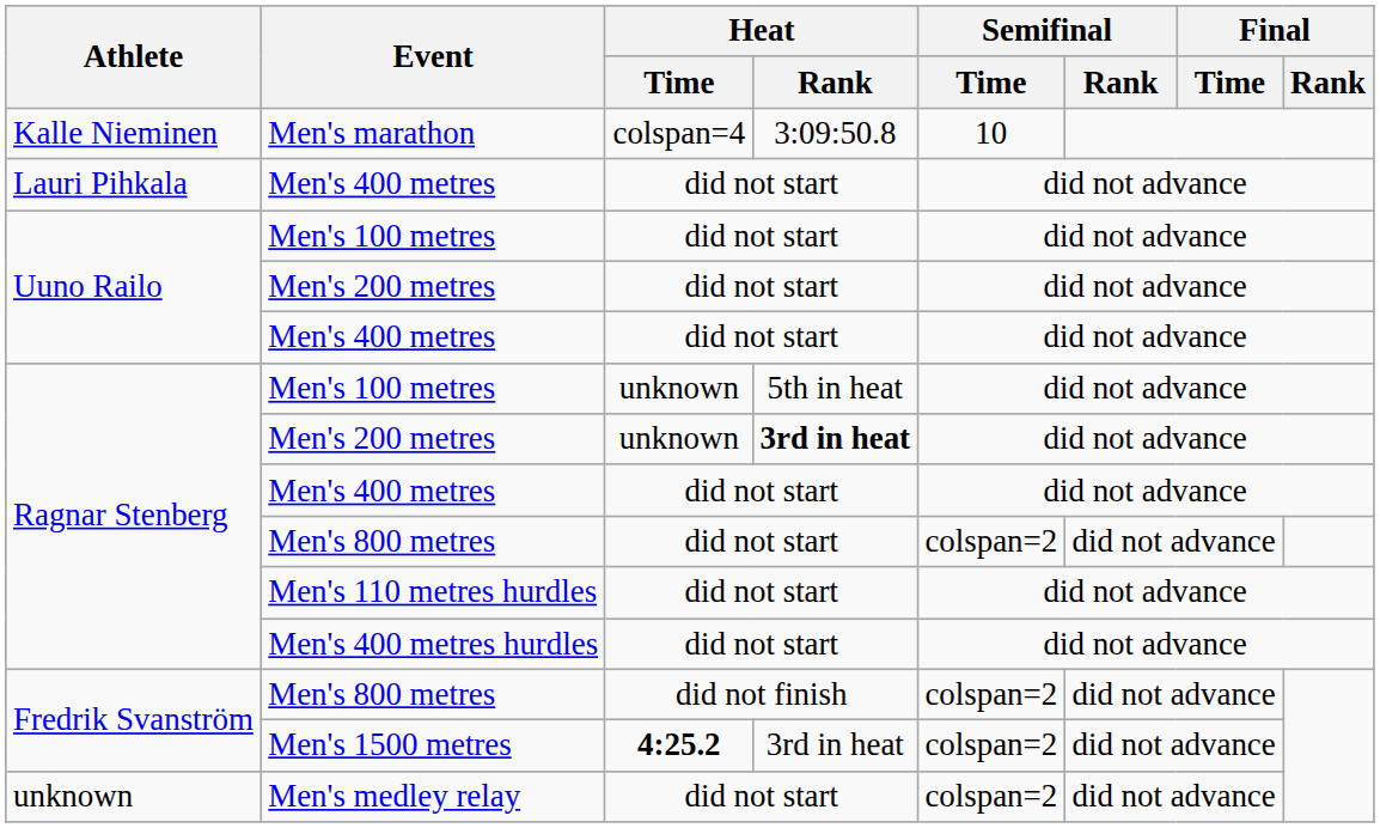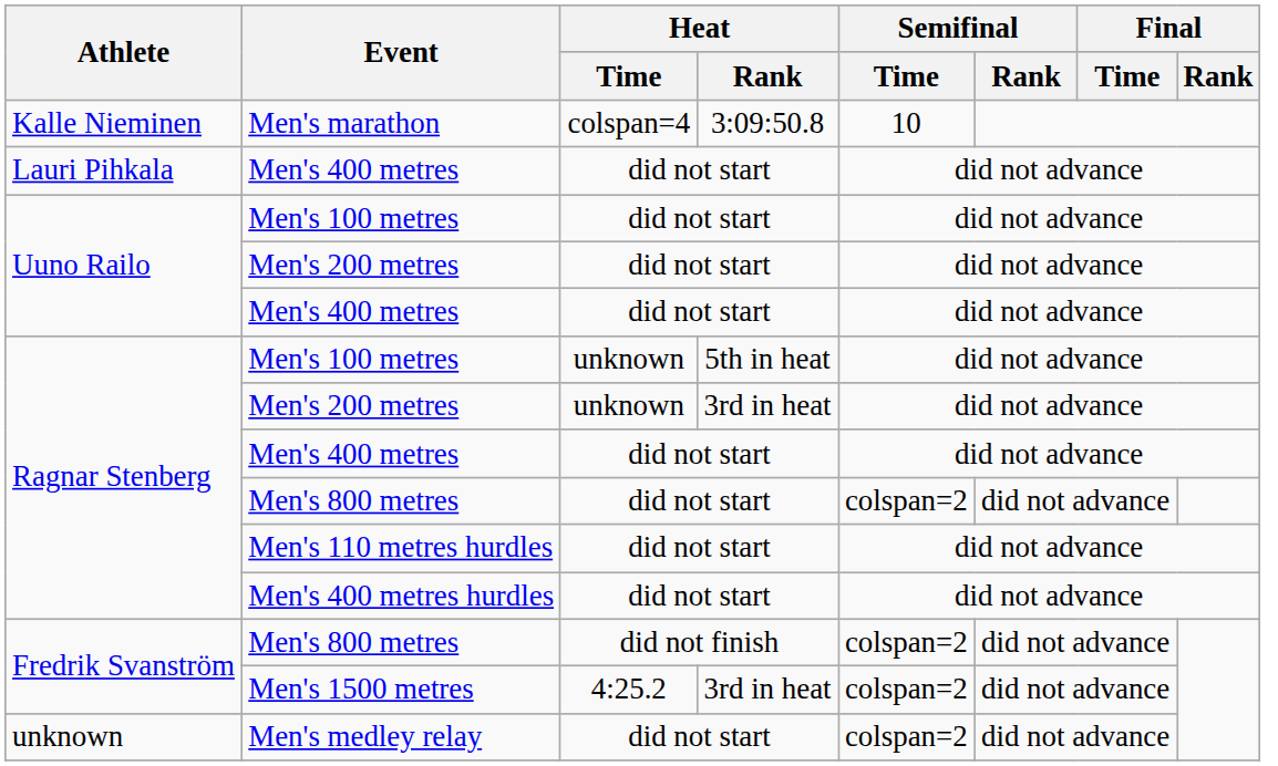 <table class="wikitable">
 <tr>
 <th rowspan="2">Athlete</th>
 <th rowspan="2">Event</th>
 <th colspan="2">Heat</th>
 <th colspan="2">Semifinal</th>
 <th colspan="2">Final</th>
 </tr>
 <tr>
 <th>Time</th>
 <th>Rank</th>
 <th>Time</th>
 <th>Rank</th>
 <th>Time</th>
 <th>Rank</th>
 </tr>
 <tr style=text-align:center>
 <td style=text-align:left><a href='#'>Kalle Nieminen</a></td>
 <td style=text-align:left><a href='#'>Men's marathon</a></td>
 <td>colspan=4 </td>
 <td>3:09:50.8</td>
 <td>10</td>
 </tr>
 <tr style=text-align:center>
 <td style=text-align:left><a href='#'>Lauri Pihkala</a></td>
 <td style=text-align:left><a href='#'>Men's 400 metres</a></td>
 <td colspan=2>did not start</td>
 <td colspan=4>did not advance</td>
 </tr>
 <tr style=text-align:center>
 <td style=text-align:left rowspan=3><a href='#'>Uuno Railo</a></td>
 <td style=text-align:left><a href='#'>Men's 100 metres</a></td>
 <td colspan=2>did not start</td>
 <td colspan=4>did not advance</td>
 </tr>
 <tr style=text-align:center>
 <td style=text-align:left><a href='#'>Men's 200 metres</a></td>
 <td colspan=2>did not start</td>
 <td colspan=4>did not advance</td>
 </tr>
 <tr style=text-align:center>
 <td style=text-align:left><a href='#'>Men's 400 metres</a></td>
 <td colspan=2>did not start</td>
 <td colspan=4>did not advance</td>
 </tr>
 <tr style=text-align:center>
 <td style=text-align:left rowspan=6><a href='#'>Ragnar Stenberg</a></td>
 <td style=text-align:left><a href='#'>Men's 100 metres</a></td>
 <td>unknown</td>
 <td>5th in heat</td>
 <td colspan=4>did not advance</td>
 </tr>
 <tr style=text-align:center>
 <td style=text-align:left><a href='#'>Men's 200 metres</a></td>
 <td>unknown</td>
-<td><strong>3rd in heat</strong></td>
+<td>3rd in heat</td>
 <td colspan=4>did not advance</td>
 </tr>
 <tr style=text-align:center>
 <td style=text-align:left><a href='#'>Men's 400 metres</a></td>
 <td colspan=2>did not start</td>
 <td colspan=4>did not advance</td>
 </tr>
 <tr style=text-align:center>
 <td style=text-align:left><a href='#'>Men's 800 metres</a></td>
 <td colspan=2>did not start</td>
 <td>colspan=2 </td>
 <td colspan=2>did not advance</td>
 </tr>
 <tr style=text-align:center>
 <td style=text-align:left><a href='#'>Men's 110 metres hurdles</a></td>
 <td colspan=2>did not start</td>
 <td colspan=4>did not advance</td>
 </tr>
 <tr style=text-align:center>
 <td style=text-align:left><a href='#'>Men's 400 metres hurdles</a></td>
 <td colspan=2>did not start</td>
 <td colspan=4>did not advance</td>
 </tr>
 <tr style=text-align:center>
 <td style=text-align:left rowspan=2><a href='#'>Fredrik Svanström</a></td>
 <td style=text-align:left><a href='#'>Men's 800 metres</a></td>
 <td colspan=2>did not finish</td>
 <td>colspan=2 </td>
 <td colspan=2>did not advance</td>
 </tr>
 <tr style=text-align:center>
 <td style=text-align:left><a href='#'>Men's 1500 metres</a></td>
-<td><strong>4:25.2</strong></td>
+<td>4:25.2</td>
 <td>3rd in heat</td>
 <td>colspan=2 </td>
 <td colspan=2>did not advance</td>
 </tr>
 <tr style=text-align:center>
 <td style=text-align:left>unknown</td>
 <td style=text-align:left><a href='#'>Men's medley relay</a></td>
 <td colspan=2>did not start</td>
 <td>colspan=2 </td>
 <td colspan=2>did not advance</td>
 </tr>
 </table>
